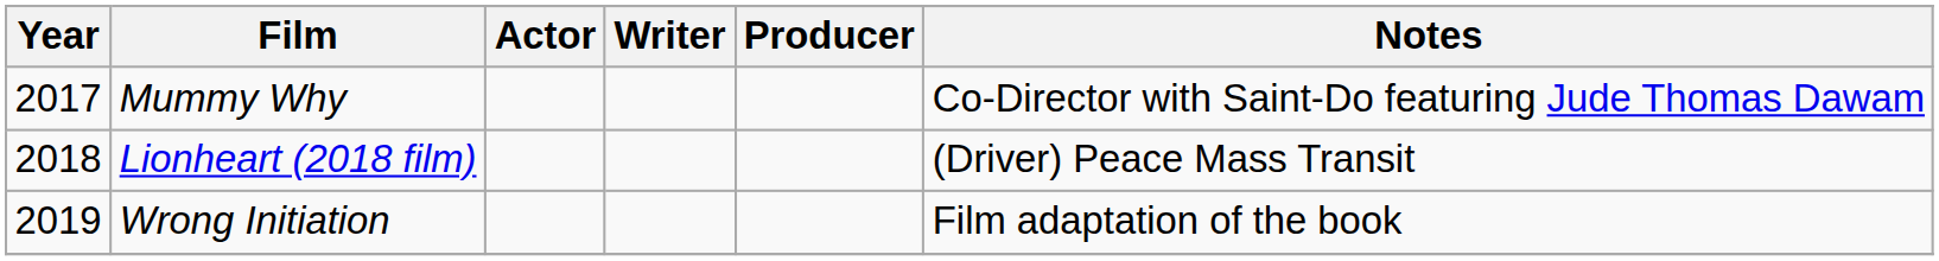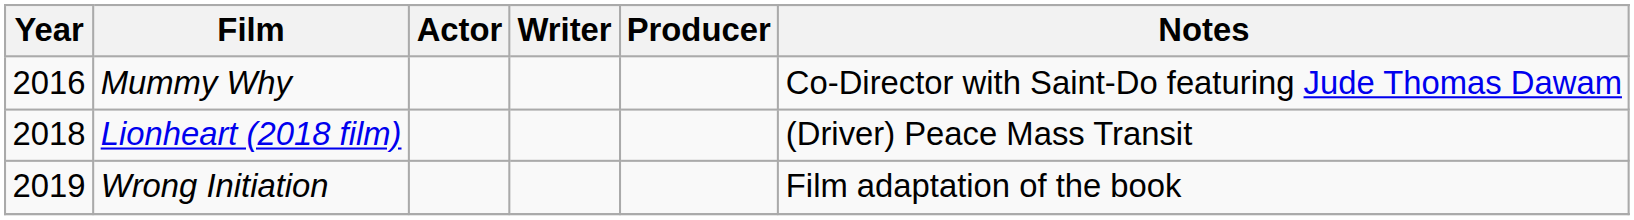 <table class="wikitable sortable">
 <tr>
 <th rowspan=2 style="width 33:px;">Year</th>
 <th rowspan=2>Film</th>
 </tr>
 <tr 8>
 <th>Actor</th>
 <th>Writer</th>
 <th>Producer</th>
 <th>Notes</th>
 </tr>
 <tr>
-<td>2017</td>
+<td>2016</td>
 <td><em>Mummy Why</em></td>
 <td></td>
 <td></td>
 <td></td>
 <td>Co-Director with Saint-Do featuring <a href='#'>Jude Thomas Dawam</a></td>
 </tr>
 <tr>
 <td>2018</td>
 <td><em><a href='#'>Lionheart (2018 film)</a></em></td>
 <td></td>
 <td></td>
 <td></td>
 <td>(Driver) Peace Mass Transit</td>
 </tr>
 <tr>
 <td>2019</td>
 <td><em>Wrong Initiation</em></td>
 <td></td>
 <td></td>
 <td></td>
 <td>Film adaptation of the book</td>
 </tr>
 <tr>
 </tr>
 </table>
